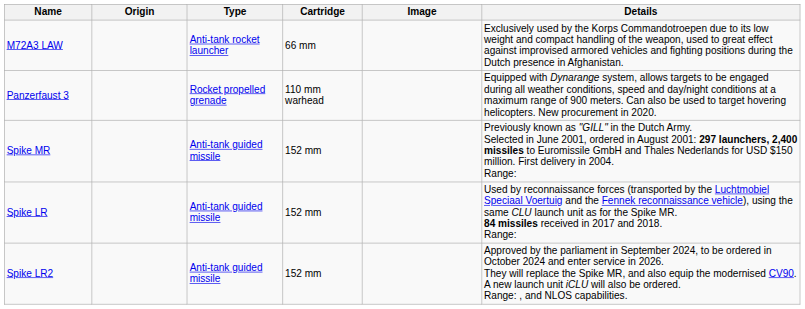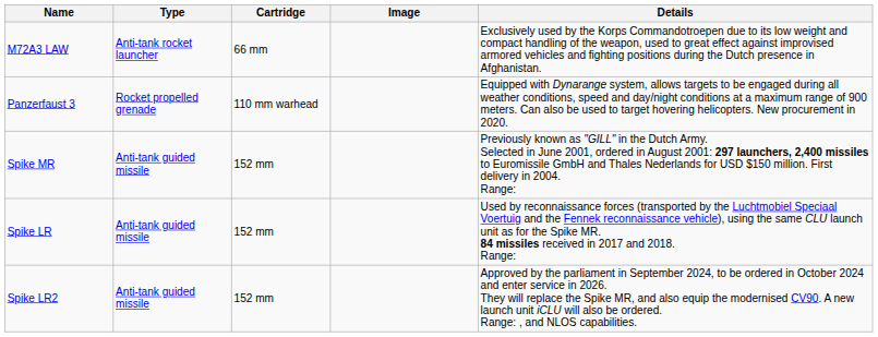 <table class="wikitable" style="margin:auto; width:100%;">
 <tr>
 <th style="text-align: center; width:11%;">Name</th>
-<th style="text-align: center; width:12%;">Origin</th>
 <th style="text-align: center; width:12%;">Type</th>
 <th style="text-align: center; width:10%;">Cartridge</th>
 <th style="text-align: center; width:15%;">Image</th>
 <th style="text-align: center; width:40%;">Details</th>
 </tr>
 <tr>
 <td><a href='#'>M72A3 LAW</a></td>
-<td><small></small><br><small></small></td>
 <td><a href='#'>Anti-tank rocket launcher</a></td>
 <td>66 mm</td>
 <td></td>
 <td>Exclusively used by the Korps Commandotroepen due to its low weight and compact handling of the weapon, used to great effect against improvised armored vehicles and fighting positions during the Dutch presence in Afghanistan.</td>
 </tr>
 <tr>
 <td><a href='#'>Panzerfaust 3</a></td>
-<td><small></small></td>
 <td><a href='#'>Rocket propelled grenade</a></td>
 <td>110 mm warhead</td>
 <td></td>
 <td>Equipped with <em>Dynarange</em> system, allows targets to be engaged during all weather conditions, speed and day/night conditions at a maximum range of 900 meters. Can also be used to target hovering helicopters. New procurement in 2020.</td>
 </tr>
 <tr>
 <td><a href='#'>Spike MR</a></td>
-<td><small></small><br><small></small><br><small></small></td>
 <td><a href='#'>Anti-tank guided missile</a></td>
 <td>152 mm</td>
 <td></td>
 <td>Previously known as <em>"GILL"</em> in the Dutch Army.<br>Selected in June 2001, ordered in August 2001: <strong>297 launchers, 2,400 missiles</strong> to Euromissile GmbH and Thales Nederlands for USD $150 million. First delivery in 2004.<br>Range: </td>
 </tr>
 <tr>
 <td><a href='#'>Spike LR</a></td>
-<td><small></small></td>
 <td><a href='#'>Anti-tank guided missile</a></td>
 <td>152 mm</td>
 <td></td>
 <td>Used by reconnaissance forces (transported by the <a href='#'>Luchtmobiel Speciaal Voertuig</a> and the <a href='#'>Fennek reconnaissance vehicle</a>), using the same <em>CLU</em> launch unit as for the Spike MR.<br><strong>84 missiles</strong> received in 2017 and 2018.<br>Range: </td>
 </tr>
 <tr>
 <td><a href='#'>Spike LR2</a></td>
-<td><small></small><br><small></small></td>
 <td><a href='#'>Anti-tank guided missile</a></td>
 <td>152 mm</td>
 <td></td>
 <td>Approved by the parliament in September 2024, to be ordered in October 2024 and enter service in 2026.<br>They will replace the Spike MR, and also equip the modernised <a href='#'>CV90</a>. A new launch unit <em>iCLU</em> will also be ordered.<br>Range: , and NLOS capabilities.</td>
 </tr>
 </table>
